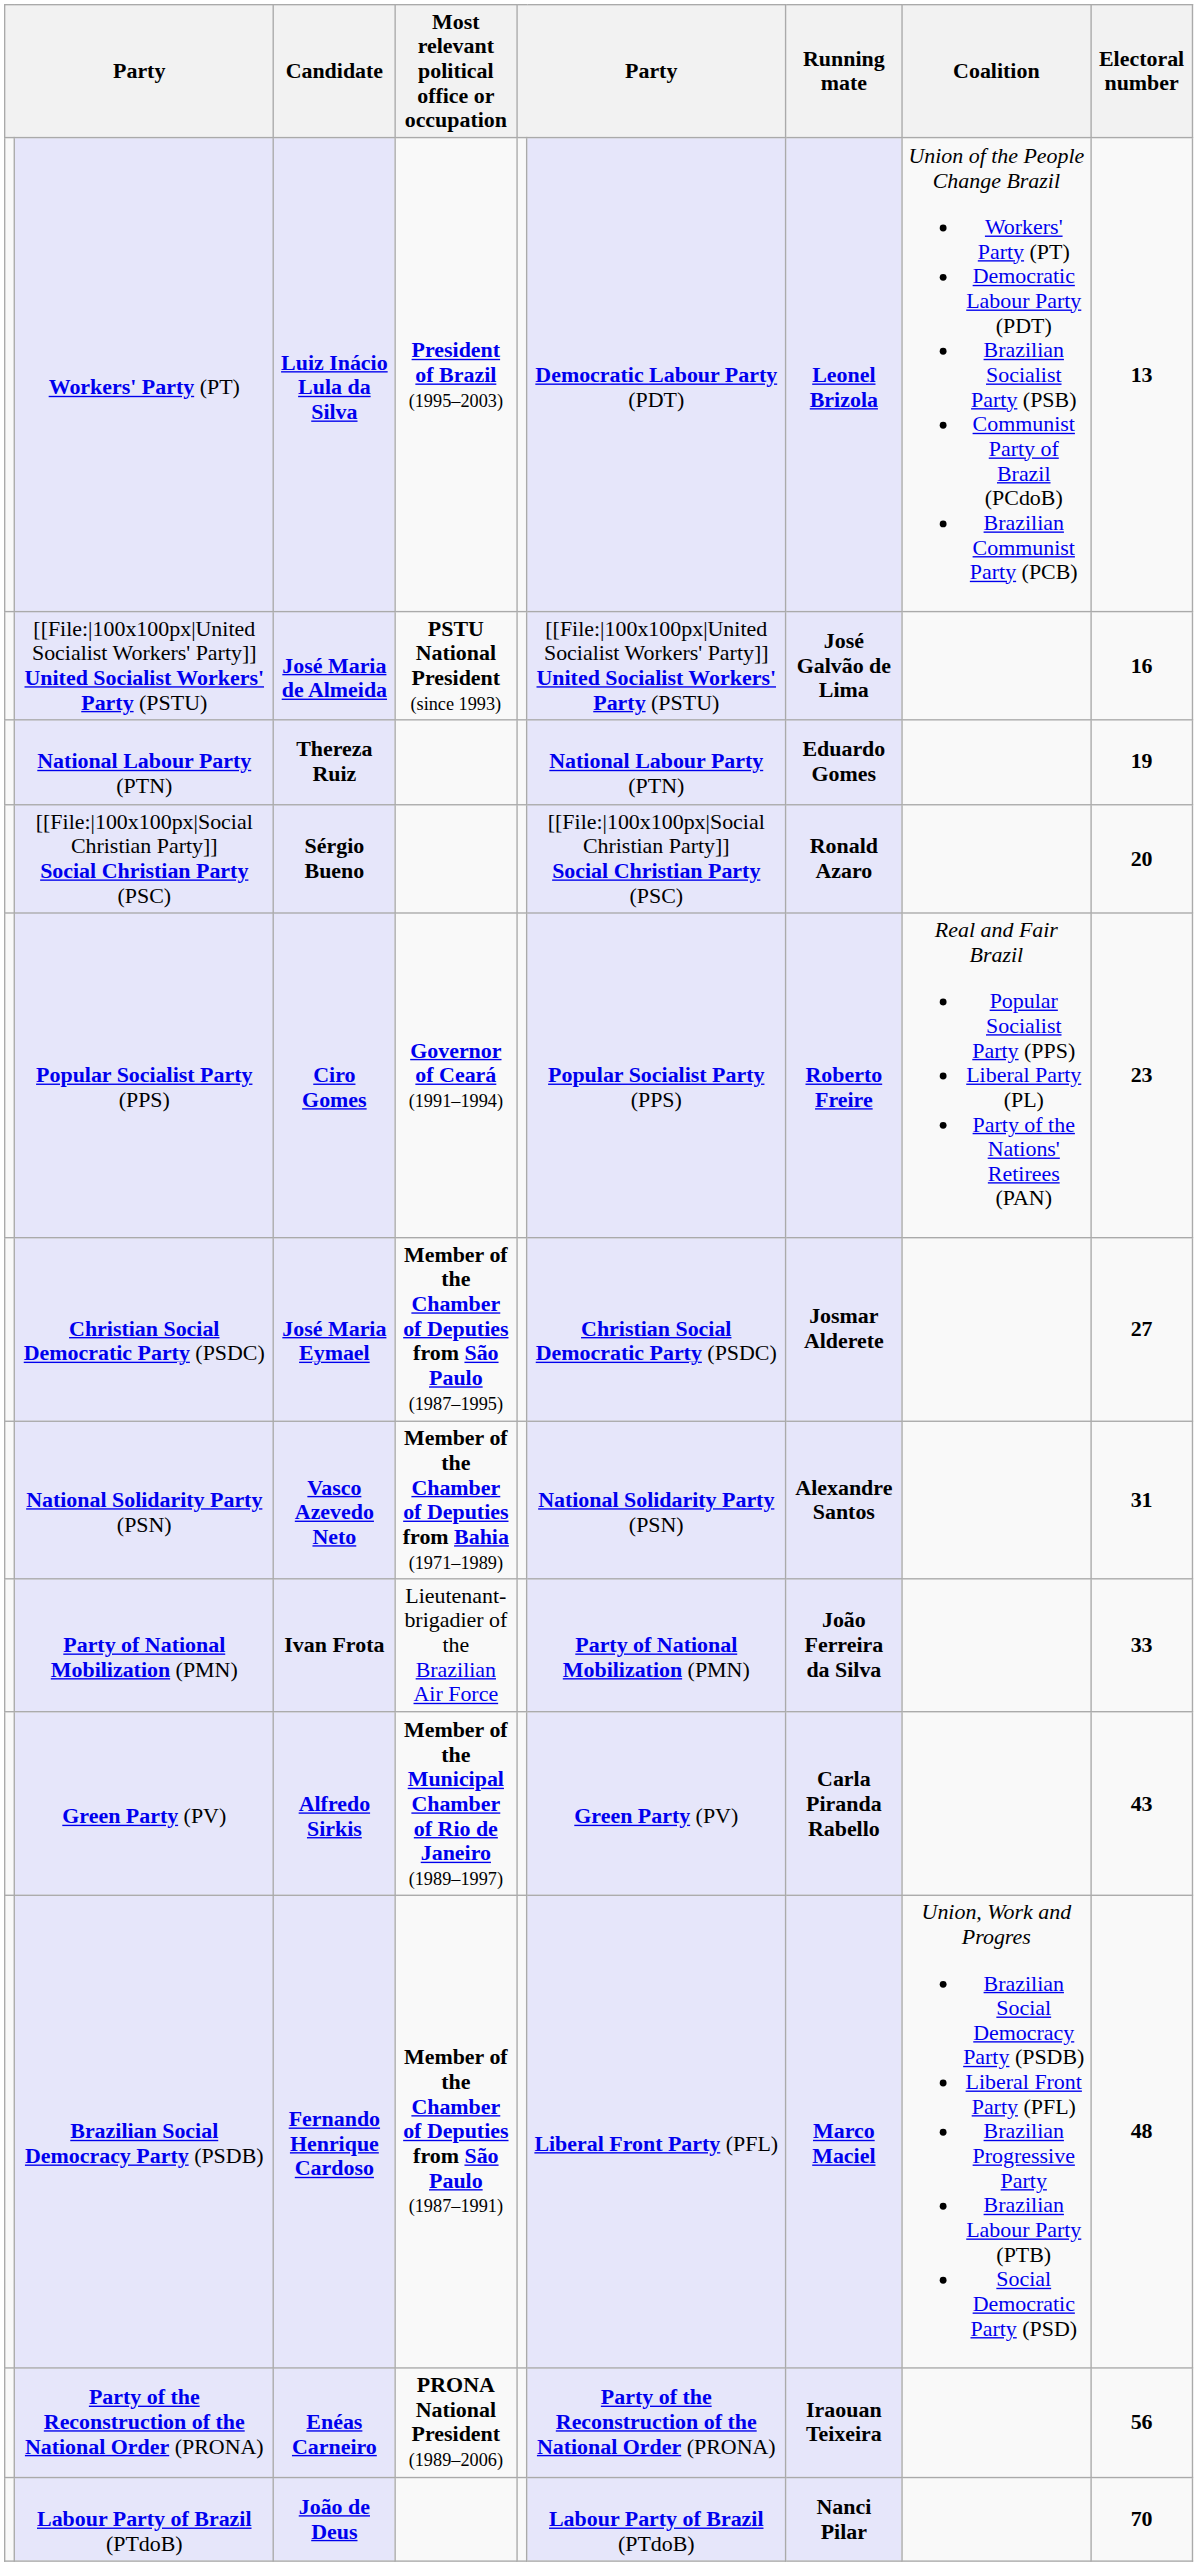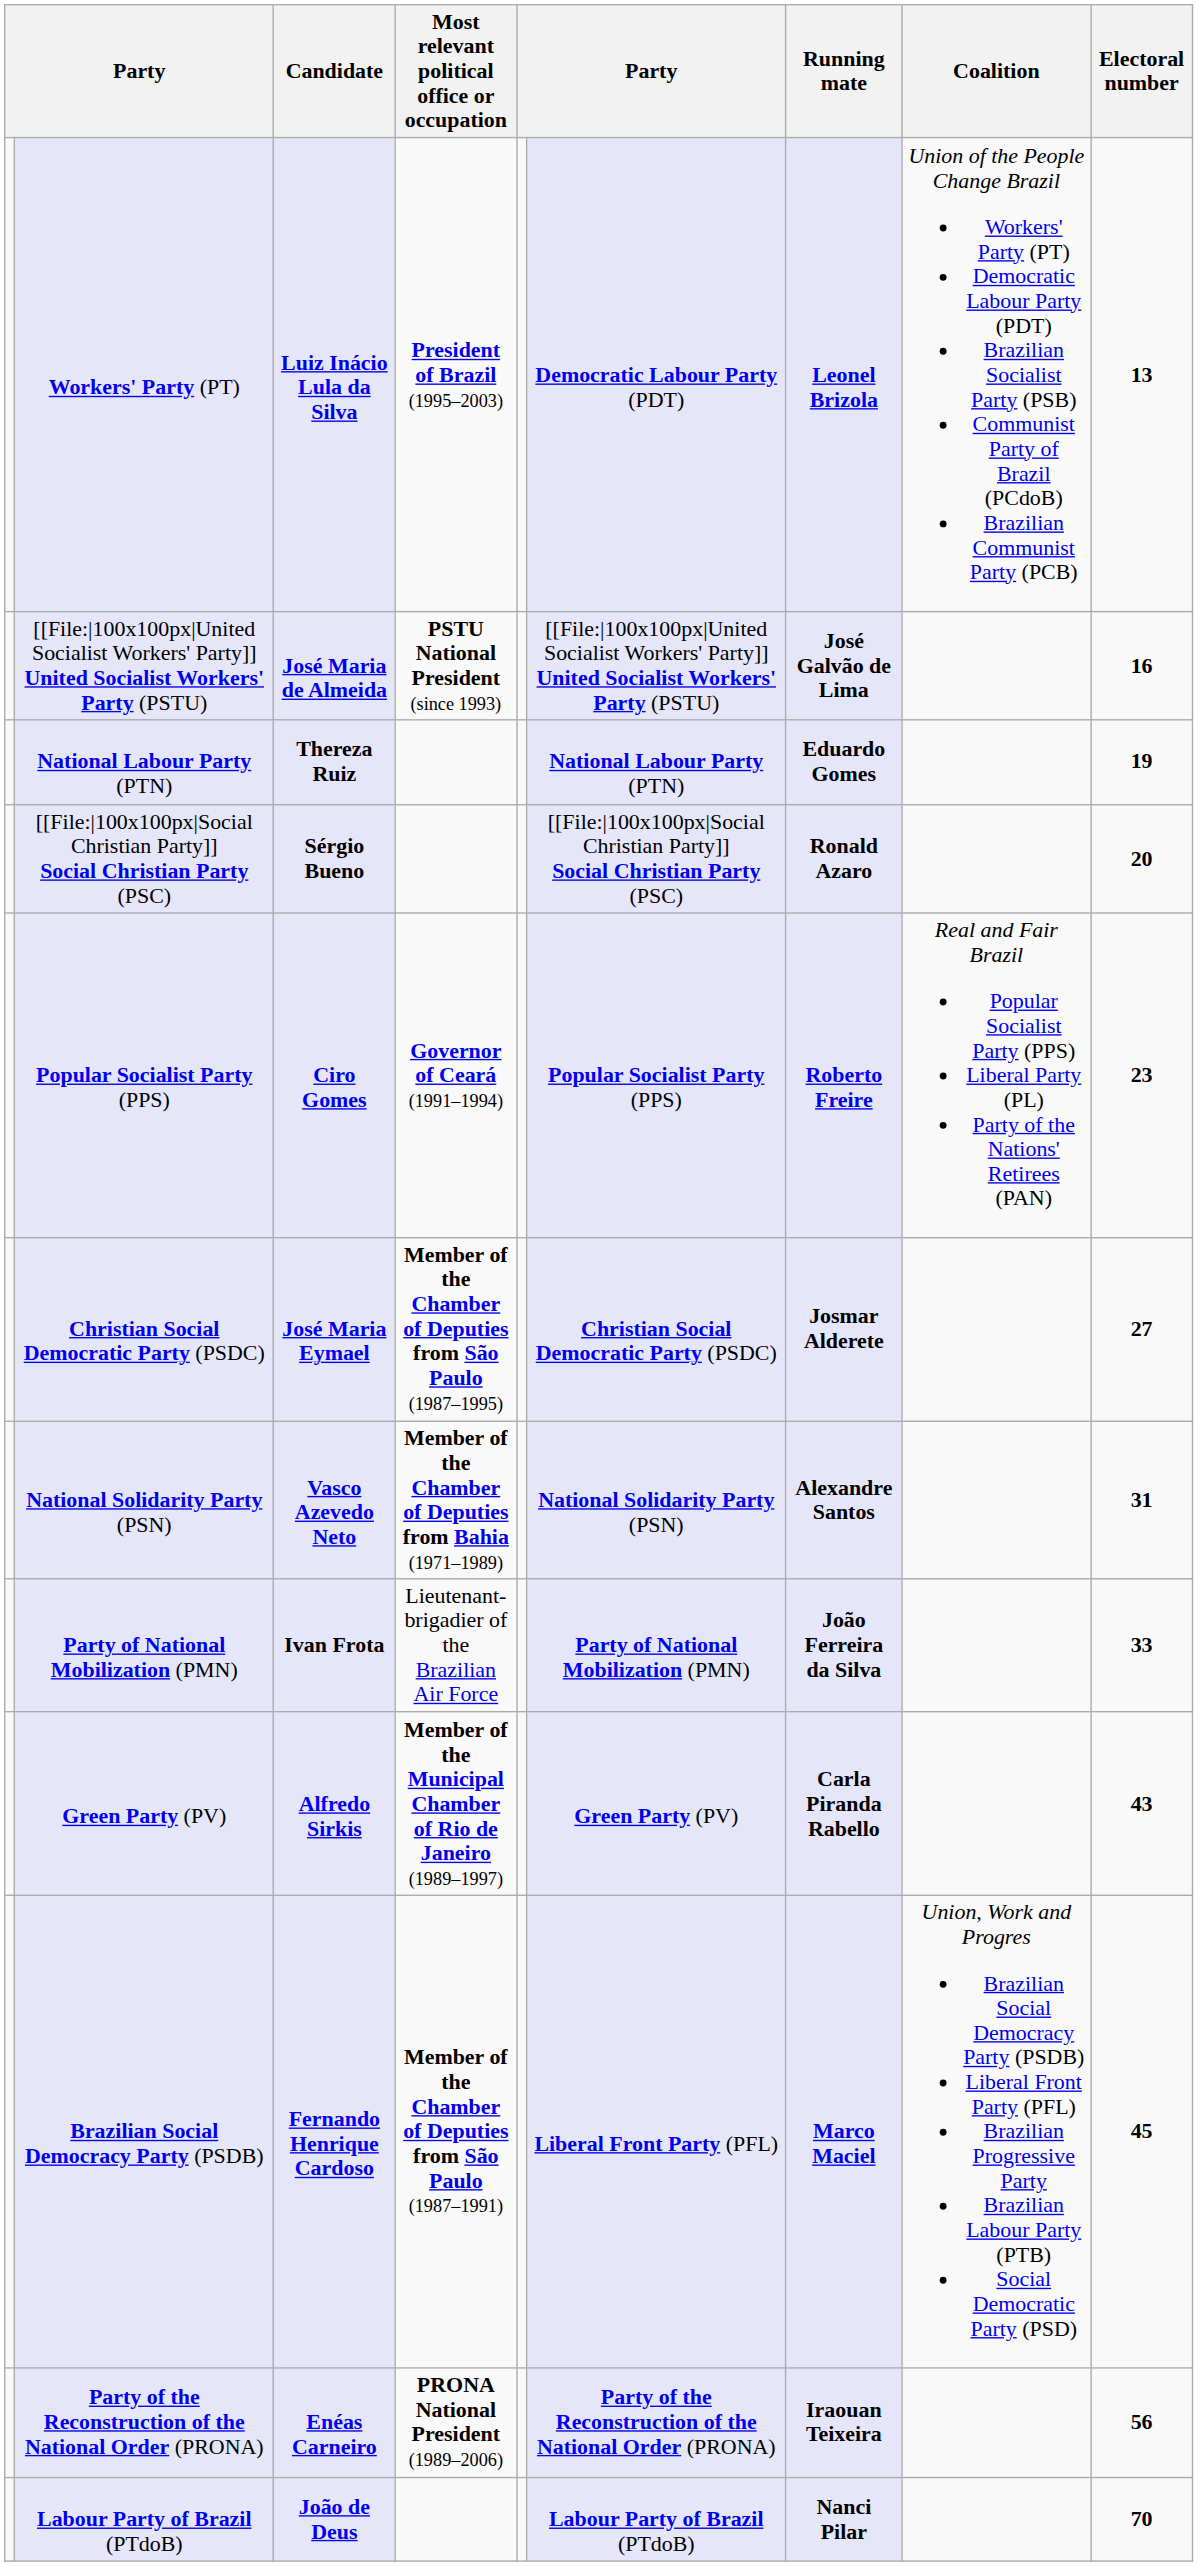 <table class="wikitable" style="text-align:center">
 <tr>
 <th colspan="2">Party</th>
 <th>Candidate</th>
 <th style="max-width:10em">Most relevant political office or occupation</th>
 <th colspan="2">Party</th>
 <th>Running mate</th>
 <th>Coalition</th>
 <th>Electoral number</th>
 </tr>
 <tr>
 <td style="background:"></td>
 <td style="background:lavender;" max-width:150px><br><strong><a href='#'>Workers' Party</a></strong> (PT)</td>
 <td style="background:lavender;" max-width:150px><br><strong><a href='#'>Luiz Inácio Lula da Silva</a></strong></td>
 <td style="max-width:10em"><strong><a href='#'>President of Brazil</a></strong><br><small>(1995–2003)</small></td>
 <td style="background:"></td>
 <td style="background:lavender;" max-width:150px><br><strong><a href='#'>Democratic Labour Party</a></strong> (PDT)</td>
 <td style="background:lavender;" max-width:150px><br><strong><a href='#'>Leonel Brizola</a></strong></td>
 <td><em>Union of the People Change Brazil</em><br><ul><li><a href='#'>Workers' Party</a> (PT)</li><li><a href='#'>Democratic Labour Party</a> (PDT)</li><li><a href='#'>Brazilian Socialist Party</a> (PSB)</li><li><a href='#'>Communist Party of Brazil</a> (PCdoB)</li><li><a href='#'>Brazilian Communist Party</a> (PCB)</li></ul></td>
 <td><strong>13</strong></td>
 </tr>
 <tr>
 <td style="background:"></td>
 <td style="background:lavender;" max-width:150px>[[File:|100x100px|United Socialist Workers' Party]]<br><strong><a href='#'>United Socialist Workers' Party</a></strong> (PSTU)</td>
 <td style="background:lavender;" max-width:150px><br><strong><a href='#'>José Maria de Almeida</a></strong></td>
 <td style="max-width:10em"><strong>PSTU National President</strong><br><small>(since 1993)</small></td>
 <td style="background:"></td>
 <td style="background:lavender;" max-width:150px>[[File:|100x100px|United Socialist Workers' Party]]<br><strong><a href='#'>United Socialist Workers' Party</a></strong> (PSTU)</td>
 <td style="background:lavender;" max-width:150px><strong>José Galvão de Lima</strong></td>
 <td></td>
 <td><strong>16</strong></td>
 </tr>
 <tr>
 <td style="background:"></td>
 <td style="background:lavender;" max-width:150px><br><strong><a href='#'>National Labour Party</a></strong> (PTN)</td>
 <td style="background:lavender;" max-width:150px><strong>Thereza Ruiz</strong></td>
 <td style="max-width:10em"></td>
 <td style="background:"></td>
 <td style="background:lavender;" max-width:150px><br><strong><a href='#'>National Labour Party</a></strong> (PTN)</td>
 <td style="background:lavender;" max-width:150px><strong>Eduardo Gomes</strong></td>
 <td></td>
 <td><strong>19</strong></td>
 </tr>
 <tr>
 <td style="background:"></td>
 <td style="background:lavender;" max-width:150px>[[File:|100x100px|Social Christian Party]]<br><strong><a href='#'>Social Christian Party</a></strong> (PSC)</td>
 <td style="background:lavender;" max-width:150px><strong>Sérgio Bueno</strong></td>
 <td style="max-width:10em"></td>
 <td style="background:"></td>
 <td style="background:lavender;" max-width:150px>[[File:|100x100px|Social Christian Party]]<br><strong><a href='#'>Social Christian Party</a></strong> (PSC)</td>
 <td style="background:lavender;" max-width:150px><strong>Ronald Azaro</strong></td>
 <td></td>
 <td><strong>20</strong></td>
 </tr>
 <tr>
 <td style="background:"></td>
 <td style="background:lavender;" max-width:150px><br><strong><a href='#'>Popular Socialist Party</a></strong> (PPS)</td>
 <td style="background:lavender;" max-width:150px><br><strong><a href='#'>Ciro Gomes</a></strong></td>
 <td style="max-width:10em"><strong><a href='#'>Governor of Ceará</a></strong><br><small>(1991–1994)</small></td>
 <td style="background:"></td>
 <td style="background:lavender;" max-width:150px><br><strong><a href='#'>Popular Socialist Party</a></strong> (PPS)</td>
 <td style="background:lavender;" max-width:150px><br><strong><a href='#'>Roberto Freire</a></strong></td>
 <td><em>Real and Fair Brazil</em><br><ul><li><a href='#'>Popular Socialist Party</a> (PPS)</li><li><a href='#'>Liberal Party</a> (PL)</li><li><a href='#'>Party of the Nations' Retirees</a> (PAN)</li></ul></td>
 <td><strong>23</strong></td>
 </tr>
 <tr>
 <td style="background:"></td>
 <td style="background:lavender;" max-width:150px><br><strong><a href='#'>Christian Social Democratic Party</a></strong> (PSDC)</td>
 <td style="background:lavender;" max-width:150px><br><strong><a href='#'>José Maria Eymael</a></strong></td>
 <td style="max-width:10em"><strong>Member of the <a href='#'>Chamber of Deputies</a> from <a href='#'>São Paulo</a></strong><br><small>(1987–1995)</small></td>
 <td style="background:"></td>
 <td style="background:lavender;" max-width:150px><br><strong><a href='#'>Christian Social Democratic Party</a></strong> (PSDC)</td>
 <td style="background:lavender;" max-width:150px><strong>Josmar Alderete</strong></td>
 <td></td>
 <td><strong>27</strong></td>
 </tr>
 <tr>
 <td style="background:"></td>
 <td style="background:lavender;" max-width:150px><br><strong><a href='#'>National Solidarity Party</a></strong> (PSN)</td>
 <td style="background:lavender;" max-width:150px><br><strong><a href='#'>Vasco Azevedo Neto</a></strong></td>
 <td style="max-width:10em"><strong>Member of the <a href='#'>Chamber of Deputies</a> from <a href='#'>Bahia</a></strong><br><small>(1971–1989)</small></td>
 <td style="background:"></td>
 <td style="background:lavender;" max-width:150px><br><strong><a href='#'>National Solidarity Party</a></strong> (PSN)</td>
 <td style="background:lavender;" max-width:150px><strong>Alexandre Santos</strong></td>
 <td></td>
 <td><strong>31</strong></td>
 </tr>
 <tr>
 <td style="background:"></td>
 <td style="background:lavender;" max-width:150px><br><strong><a href='#'>Party of National Mobilization</a></strong> (PMN)</td>
 <td style="background:lavender;" max-width:150px><strong>Ivan Frota</strong></td>
 <td style="max-width:10em">Lieutenant-brigadier of the <a href='#'>Brazilian Air Force</a></td>
 <td style="background:"></td>
 <td style="background:lavender;" max-width:150px><br><strong><a href='#'>Party of National Mobilization</a></strong> (PMN)</td>
 <td style="background:lavender;" max-width:150px><strong>João Ferreira da Silva</strong></td>
 <td></td>
 <td><strong>33</strong></td>
 </tr>
 <tr>
 <td style="background:"></td>
 <td style="background:lavender;" max-width:150px><br><strong><a href='#'>Green Party</a></strong> (PV)</td>
 <td style="background:lavender;" max-width:150px><br><strong><a href='#'>Alfredo Sirkis</a></strong></td>
 <td style="max-width:10em"><strong>Member of the <a href='#'>Municipal Chamber of Rio de Janeiro</a></strong><br><small>(1989–1997)</small></td>
 <td style="background:"></td>
 <td style="background:lavender;" max-width:150px><br><strong><a href='#'>Green Party</a></strong> (PV)</td>
 <td style="background:lavender;" max-width:150px><strong>Carla Piranda Rabello</strong></td>
 <td></td>
 <td><strong>43</strong></td>
 </tr>
 <tr>
 <td style="background:"></td>
 <td style="background:lavender;" max-width:150px><br><strong><a href='#'>Brazilian Social Democracy Party</a></strong> (PSDB)</td>
 <td style="background:lavender;" max-width:150px><br><strong><a href='#'>Fernando Henrique Cardoso</a></strong></td>
 <td style="max-width:10em"><strong>Member of the <a href='#'>Chamber of Deputies</a> from <a href='#'>São Paulo</a></strong><br><small>(1987–1991)</small></td>
 <td style="background:"></td>
 <td style="background:lavender;" max-width:150px><br><strong><a href='#'>Liberal Front Party</a></strong> (PFL)</td>
 <td style="background:lavender;" max-width:150px><br><strong><a href='#'>Marco Maciel</a></strong></td>
 <td><em>Union, Work and Progres</em><br><ul><li><a href='#'>Brazilian Social Democracy Party</a> (PSDB)</li><li><a href='#'>Liberal Front Party</a> (PFL)</li><li><a href='#'>Brazilian Progressive Party</a></li><li><a href='#'>Brazilian Labour Party</a> (PTB)</li><li><a href='#'>Social Democratic Party</a> (PSD)</li></ul></td>
-<td><strong>48</strong></td>
+<td><strong>45</strong></td>
 </tr>
 <tr>
 <td style="background:"></td>
 <td style="background:lavender;" max-width:150px><strong><a href='#'>Party of the Reconstruction of the National Order</a></strong> (PRONA)</td>
 <td style="background:lavender;" max-width:150px><br><strong><a href='#'>Enéas Carneiro</a></strong></td>
 <td style="max-width:10em"><strong>PRONA National President</strong><br><small>(1989–2006)</small></td>
 <td style="background:"></td>
 <td style="background:lavender;" max-width:150px><strong><a href='#'>Party of the Reconstruction of the National Order</a></strong> (PRONA)</td>
 <td style="background:lavender;" max-width:150px><strong>Iraouan Teixeira</strong></td>
 <td></td>
 <td><strong>56</strong></td>
 </tr>
 <tr>
 <td style="background:"></td>
 <td style="background:lavender;" max-width:150px><br><strong><a href='#'>Labour Party of Brazil</a></strong> (PTdoB)</td>
 <td style="background:lavender;" max-width:150px><strong><a href='#'>João de Deus</a></strong></td>
 <td style="max-width:10em"></td>
 <td style="background:"></td>
 <td style="background:lavender;" max-width:150px><br><strong><a href='#'>Labour Party of Brazil</a></strong> (PTdoB)</td>
 <td style="background:lavender;" max-width:150px><strong>Nanci Pilar</strong></td>
 <td></td>
 <td><strong>70</strong></td>
 </tr>
 </table>
